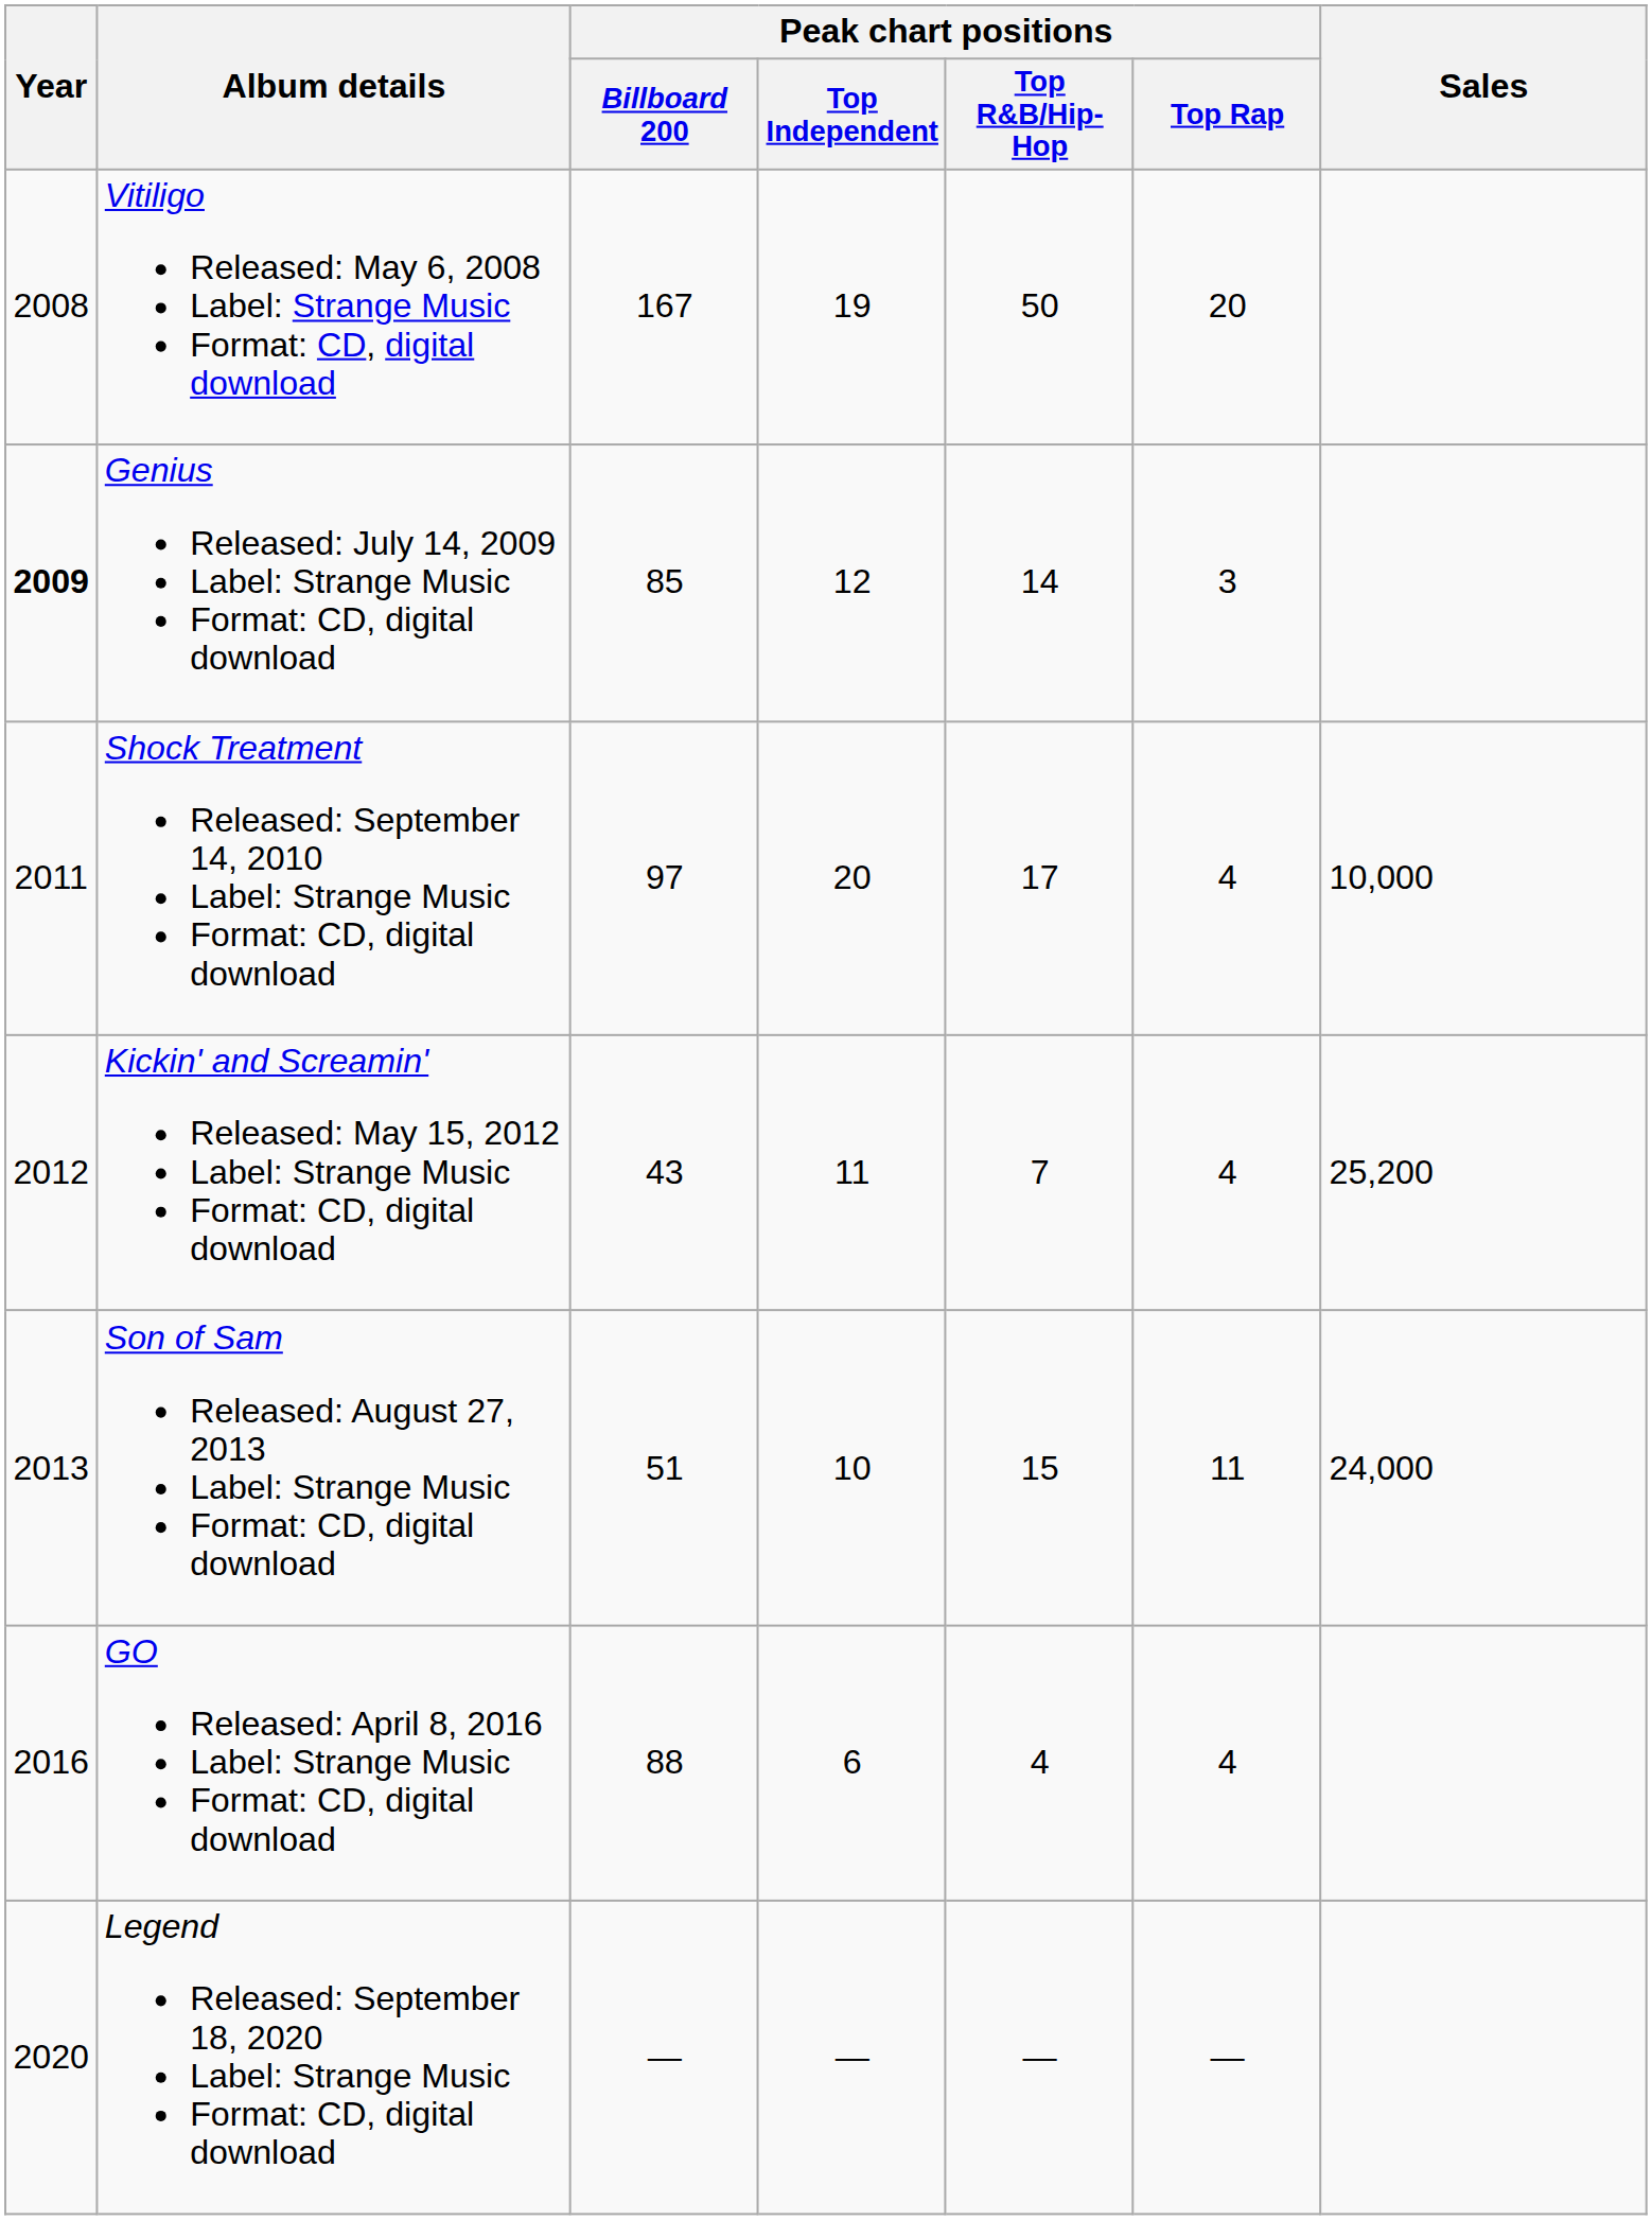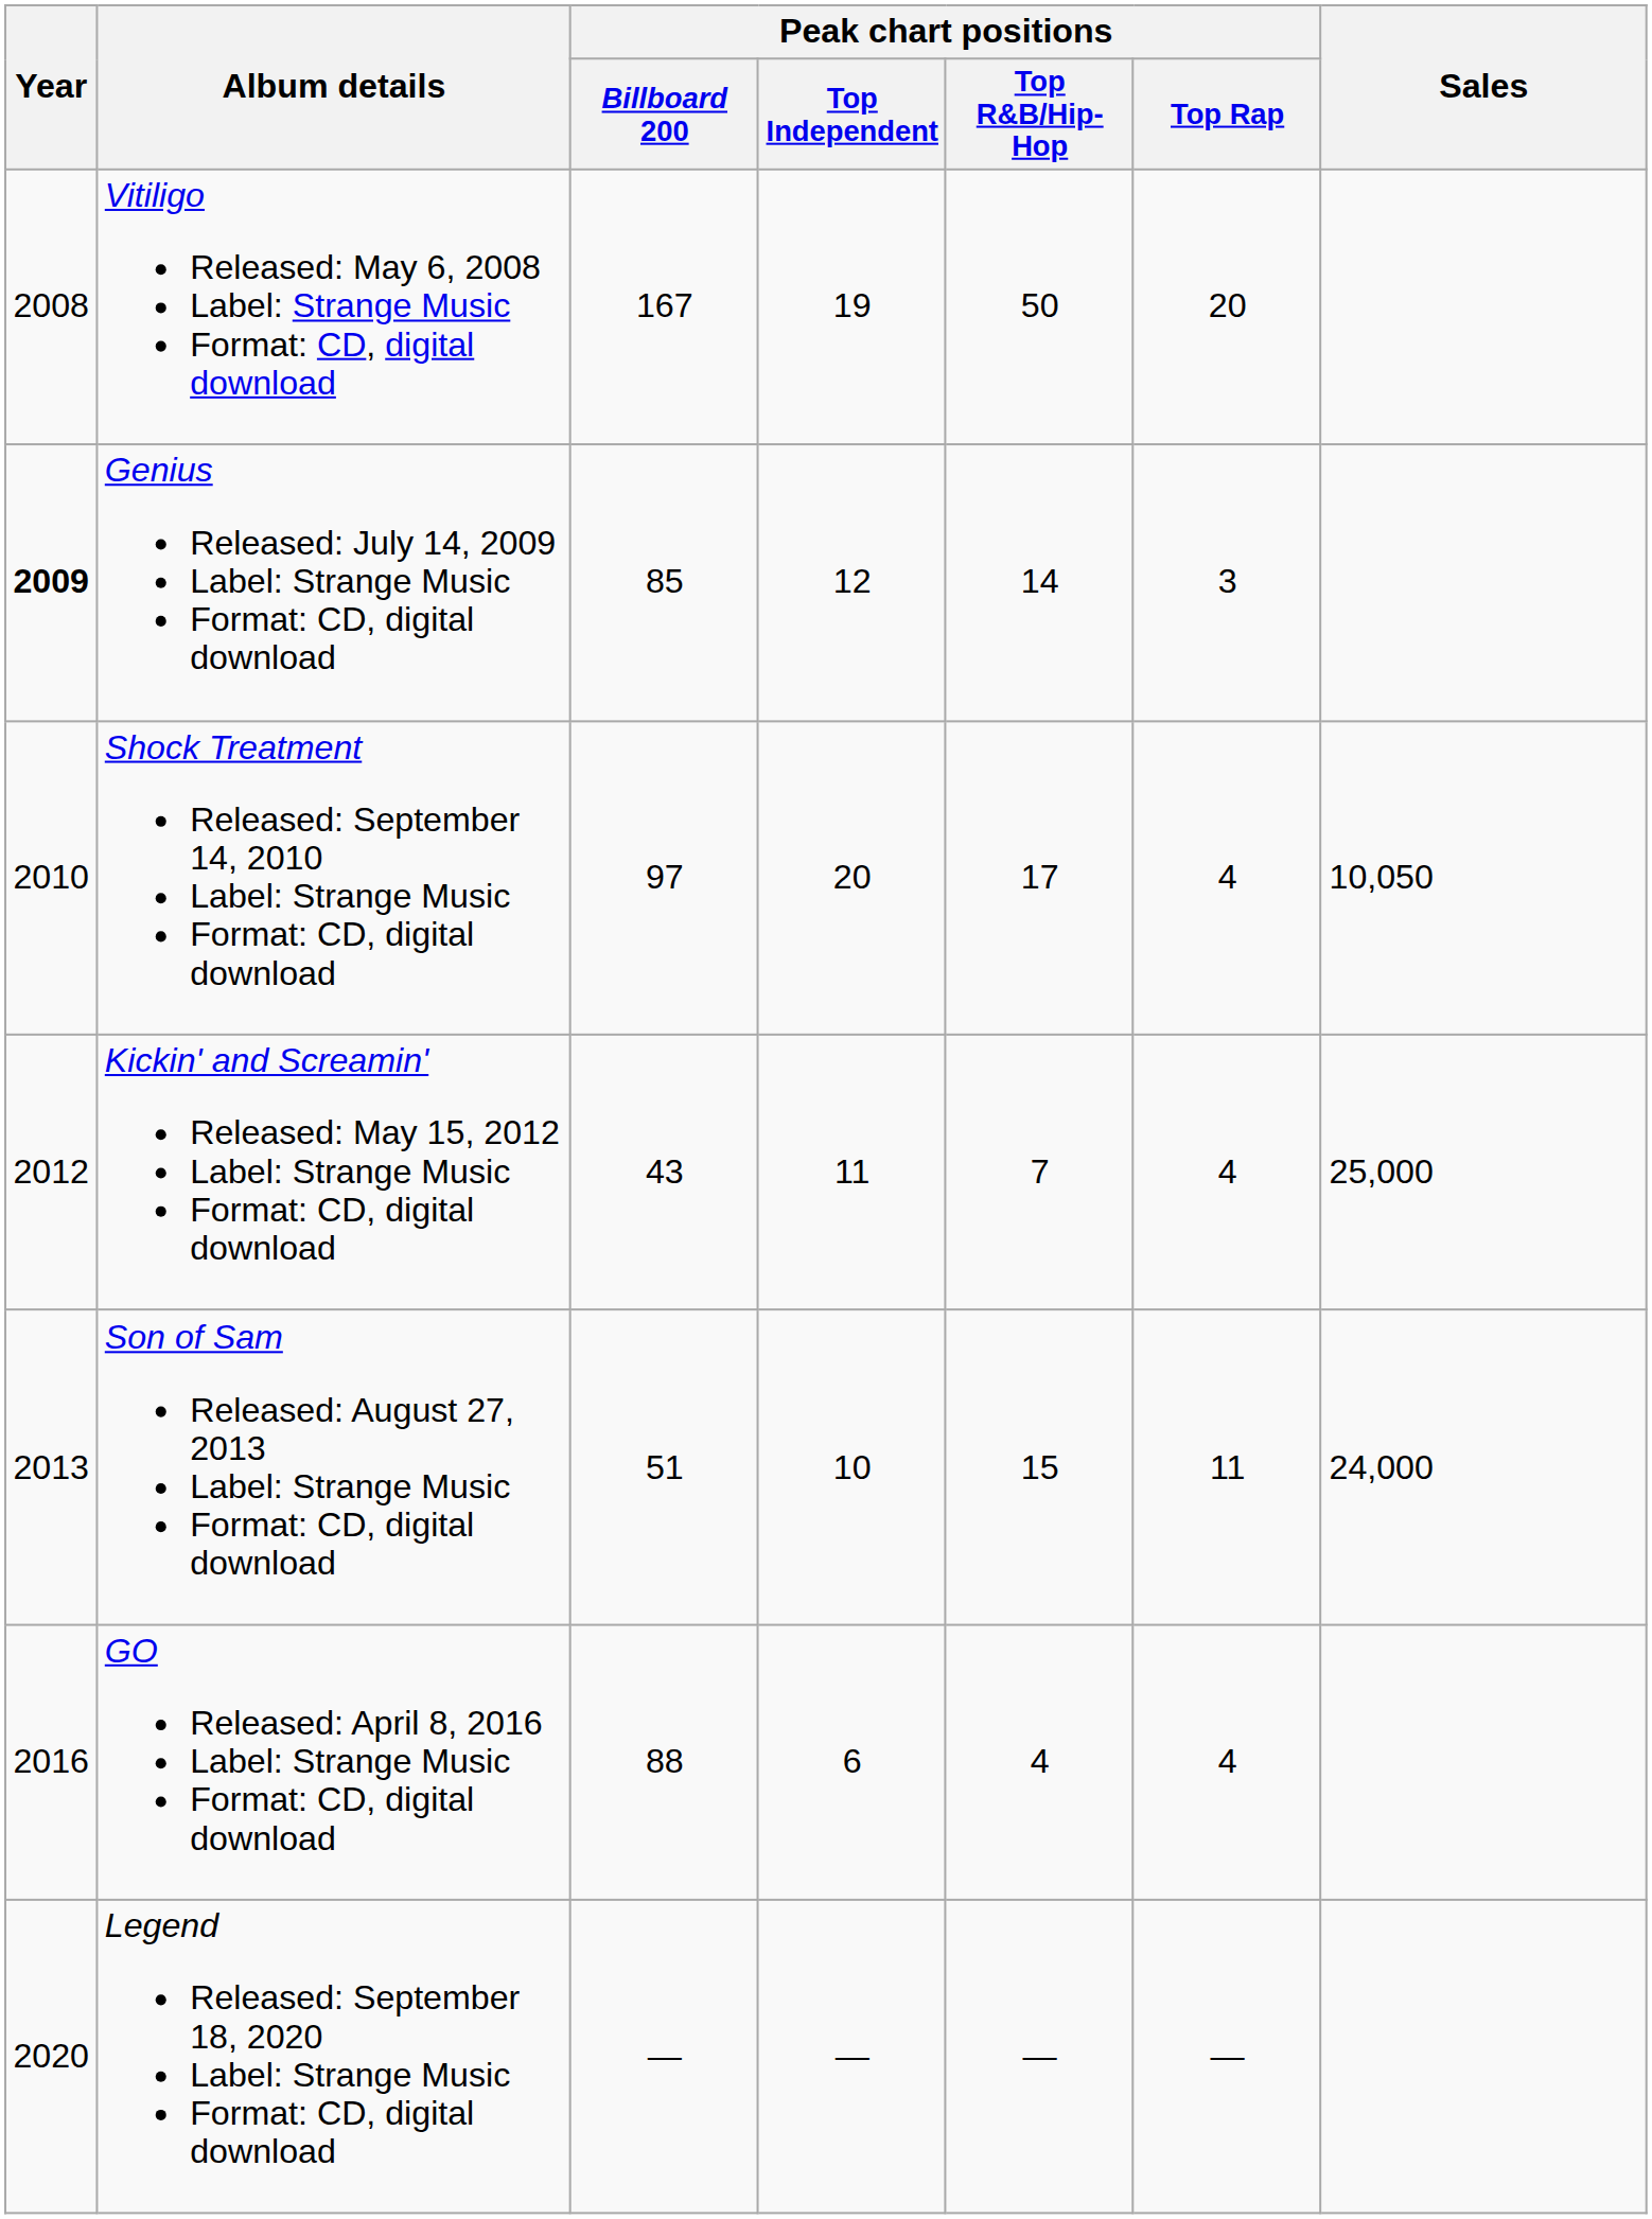 <table class="wikitable">
 <tr>
 <th rowspan="2" width="33">Year</th>
 <th rowspan="2" width="215">Album details</th>
 <th colspan="4">Peak chart positions</th>
 <th rowspan="2" width="145">Sales</th>
 </tr>
 <tr>
 <th style="width:6em;font-size:85%"><a href='#'><em>Billboard</em> 200</a><br></th>
 <th style="width:6em;font-size:85%"><a href='#'>Top Independent</a><br></th>
 <th style="width:6em;font-size:85%"><a href='#'>Top R&B/Hip-Hop</a><br></th>
 <th style="width:6em;font-size:85%"><a href='#'>Top Rap</a><br></th>
 </tr>
 <tr>
 <td align="center">2008</td>
 <td><em><a href='#'>Vitiligo</a></em><br><ul><li>Released: May 6, 2008</li><li>Label: <a href='#'>Strange Music</a></li><li>Format: <a href='#'>CD</a>, <a href='#'>digital download</a></li></ul></td>
 <td align="center">167</td>
 <td align="center">19</td>
 <td align="center">50</td>
 <td align="center">20</td>
 <td></td>
 </tr>
 <tr>
 <td align="center"><strong>2009</strong></td>
 <td><em><a href='#'>Genius</a></em><br><ul><li>Released: July 14, 2009</li><li>Label: Strange Music</li><li>Format: CD, digital download</li></ul></td>
 <td align="center">85</td>
 <td align="center">12</td>
 <td align="center">14</td>
 <td align="center">3</td>
 <td></td>
 </tr>
 <tr>
-<td align="center">2011</td>
+<td align="center">2010</td>
 <td><em><a href='#'>Shock Treatment</a></em><br><ul><li>Released: September 14, 2010</li><li>Label: Strange Music</li><li>Format: CD, digital download</li></ul></td>
 <td align="center">97</td>
 <td align="center">20</td>
 <td align="center">17</td>
 <td align="center">4</td>
-<td>10,000</td>
+<td>10,050</td>
 </tr>
 <tr>
 <td align="center">2012</td>
 <td><em><a href='#'>Kickin' and Screamin'</a></em><br><ul><li>Released: May 15, 2012</li><li>Label: Strange Music</li><li>Format: CD, digital download</li></ul></td>
 <td align="center">43</td>
 <td align="center">11</td>
 <td align="center">7</td>
 <td align="center">4</td>
-<td>25,200</td>
+<td>25,000</td>
 </tr>
 <tr>
 <td align="center">2013</td>
 <td><em><a href='#'>Son of Sam</a></em><br><ul><li>Released: August 27, 2013</li><li>Label: Strange Music</li><li>Format: CD, digital download</li></ul></td>
 <td align="center">51</td>
 <td align="center">10</td>
 <td align="center">15</td>
 <td align="center">11</td>
 <td>24,000</td>
 </tr>
 <tr>
 <td align="center">2016</td>
 <td><em><a href='#'>GO</a></em><br><ul><li>Released: April 8, 2016</li><li>Label: Strange Music</li><li>Format: CD, digital download</li></ul></td>
 <td align="center">88</td>
 <td align="center">6</td>
 <td align="center">4</td>
 <td align="center">4</td>
 <td></td>
 </tr>
 <tr>
 <td align="center">2020</td>
 <td><em>Legend</em><br><ul><li>Released: September 18, 2020</li><li>Label: Strange Music</li><li>Format: CD, digital download</li></ul></td>
 <td align="center">—</td>
 <td align="center">—</td>
 <td align="center">—</td>
 <td align="center">—</td>
 <td></td>
 </tr>
 </table>
